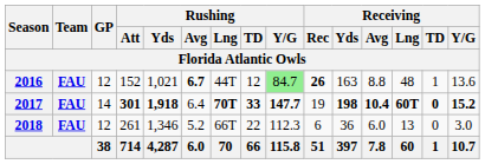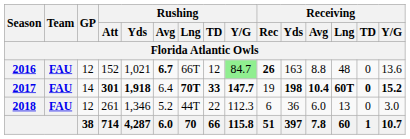 <table class=wikitable style="text-align:center;">
 <tr>
 <th rowspan="2">Season</th>
 <th rowspan="2">Team</th>
 <th rowspan="2">GP</th>
 <th colspan="6">Rushing</th>
 <th colspan="6">Receiving</th>
 </tr>
 <tr>
 <th>Att</th>
 <th>Yds</th>
 <th>Avg</th>
 <th>Lng</th>
 <th>TD</th>
 <th>Y/G</th>
 <th>Rec</th>
 <th>Yds</th>
 <th>Avg</th>
 <th>Lng</th>
 <th>TD</th>
 <th>Y/G</th>
 </tr>
 <tr>
 <th colspan="18">Florida Atlantic Owls</th>
 </tr>
 <tr>
 <th><a href='#'>2016</a></th>
 <th><a href='#'>FAU</a></th>
 <td>12</td>
 <td>152</td>
 <td>1,021</td>
 <td><strong>6.7</strong></td>
-<td>44T</td>
+<td>66T</td>
 <td>12</td>
 <td style="background: lightgreen;">84.7</td>
 <td><strong>26</strong></td>
 <td>163</td>
 <td>8.8</td>
 <td>48</td>
-<td>1</td>
+<td>0</td>
 <td>13.6</td>
 </tr>
 <tr>
 <th><a href='#'>2017</a></th>
 <th><a href='#'>FAU</a></th>
 <td>14</td>
 <td><strong>301</strong></td>
 <td><strong>1,918</strong></td>
 <td>6.4</td>
 <td><strong>70T</strong></td>
 <td><strong>33</strong></td>
 <td><strong>147.7</strong></td>
 <td>19</td>
 <td><strong>198</strong></td>
 <td><strong>10.4</strong></td>
 <td><strong>60T</strong></td>
 <td><strong>0</strong></td>
 <td><strong>15.2</strong></td>
 </tr>
 <tr>
 <th><a href='#'>2018</a></th>
 <th><a href='#'>FAU</a></th>
 <td>12</td>
 <td>261</td>
 <td>1,346</td>
 <td>5.2</td>
-<td>66T</td>
+<td>44T</td>
 <td>22</td>
 <td>112.3</td>
 <td>6</td>
 <td>36</td>
 <td>6.0</td>
 <td>13</td>
 <td>0</td>
 <td>3.0</td>
 </tr>
 <tr>
 <th colspan="2"></th>
 <th>38</th>
 <th>714</th>
 <th>4,287</th>
 <th>6.0</th>
 <th>70</th>
 <th>66</th>
 <th>115.8</th>
 <th>51</th>
 <th>397</th>
 <th>7.8</th>
 <th>60</th>
 <th>1</th>
 <th>10.7</th>
 </tr>
 </table>
